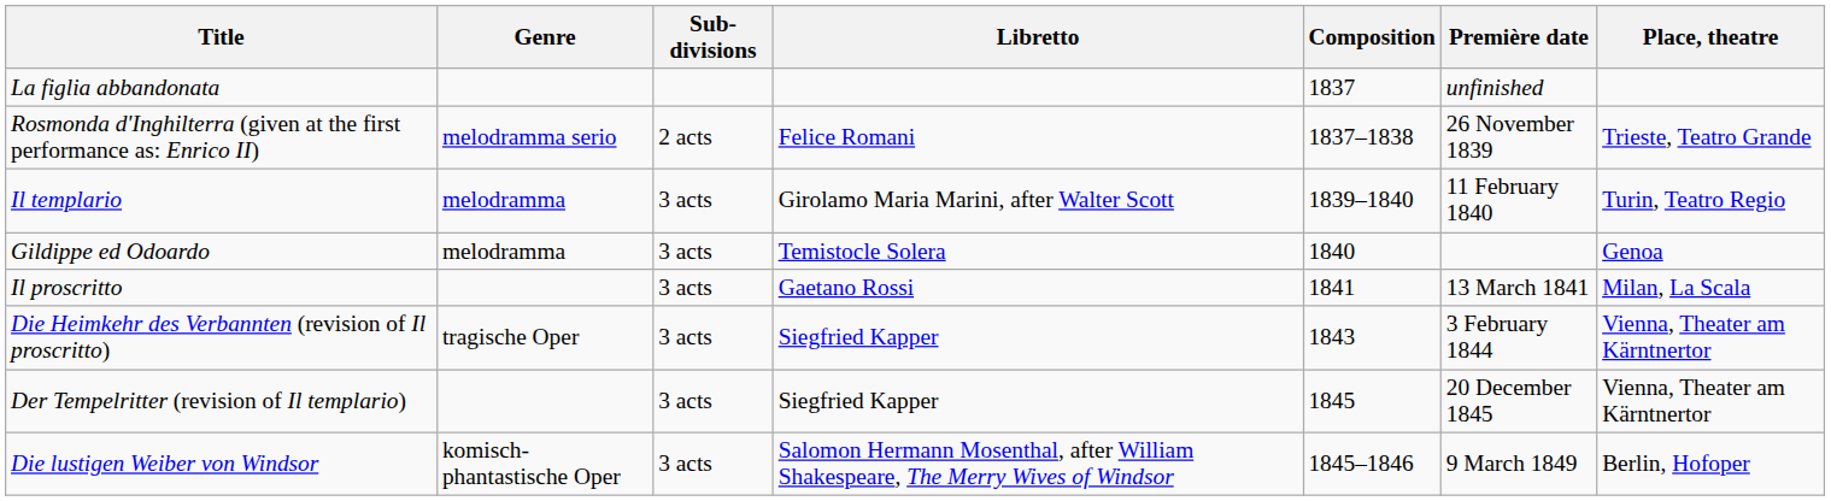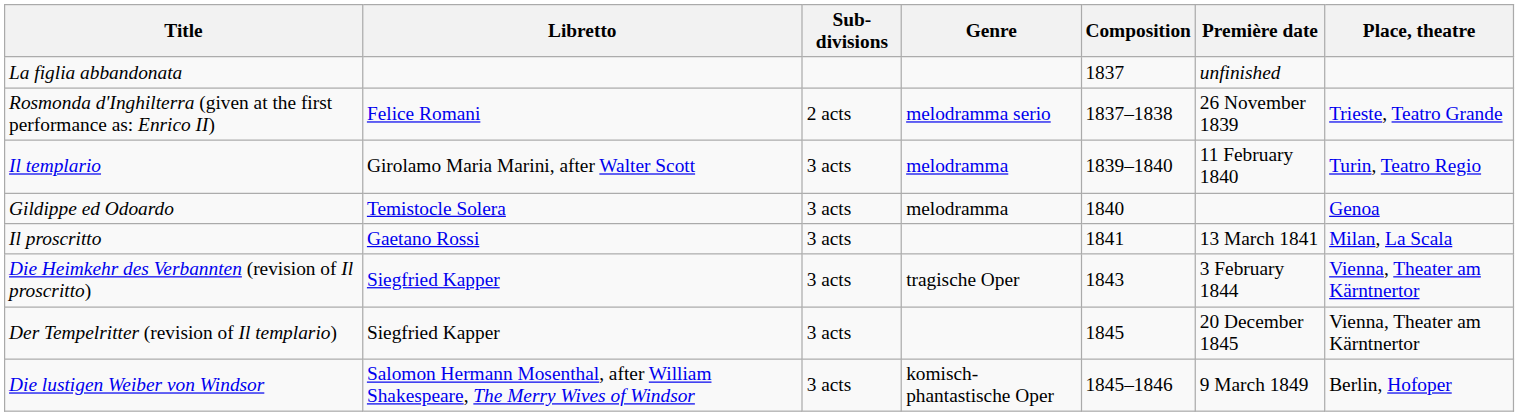 <table class="wikitable sortable">
 <tr>
 <th>Title</th>
+<th>Libretto</th>
+<th>Sub­divisions</th>
 <th>Genre</th>
-<th>Sub­divisions</th>
-<th>Libretto</th>
 <th>Composition</th>
 <th>Première date</th>
 <th>Place, theatre</th>
 </tr>
 <tr>
 <td><em>La figlia abbandonata</em></td>
+<td></td>
 <td> </td>
 <td> </td>
-<td></td>
 <td>1837</td>
 <td><em>unfinished</em></td>
 <td> </td>
 </tr>
 <tr>
 <td><em>Rosmonda d'Inghilterra</em> (given at the first performance as: <em>Enrico II</em>)</td>
+<td><a href='#'>Felice Romani</a></td>
+<td>2 acts</td>
 <td><a href='#'>melodramma serio</a></td>
-<td>2 acts</td>
-<td><a href='#'>Felice Romani</a></td>
 <td>1837–1838</td>
 <td>26 November 1839</td>
 <td><a href='#'>Trieste</a>, <a href='#'>Teatro Grande</a></td>
 </tr>
 <tr>
 <td><em><a href='#'>Il templario</a></em></td>
+<td>Girolamo Maria Marini, after <a href='#'>Walter Scott</a></td>
+<td>3 acts</td>
 <td><a href='#'>melodramma</a></td>
-<td>3 acts</td>
-<td>Girolamo Maria Marini, after <a href='#'>Walter Scott</a></td>
 <td>1839–1840</td>
 <td>11 February 1840</td>
 <td><a href='#'>Turin</a>, <a href='#'>Teatro Regio</a></td>
 </tr>
 <tr>
 <td><em>Gildippe ed Odoardo</em></td>
+<td><a href='#'>Temistocle Solera</a></td>
+<td>3 acts</td>
 <td>melodramma</td>
-<td>3 acts</td>
-<td><a href='#'>Temistocle Solera</a></td>
 <td>1840</td>
 <td></td>
 <td><a href='#'>Genoa</a></td>
 </tr>
 <tr>
 <td><em>Il proscritto</em></td>
+<td><a href='#'>Gaetano Rossi</a></td>
+<td>3 acts</td>
 <td> </td>
-<td>3 acts</td>
-<td><a href='#'>Gaetano Rossi</a></td>
 <td>1841</td>
 <td>13 March 1841</td>
 <td><a href='#'>Milan</a>, <a href='#'>La Scala</a></td>
 </tr>
 <tr>
 <td><em><a href='#'>Die Heimkehr des Verbannten</a></em> (revision of <em>Il proscritto</em>)</td>
+<td><a href='#'>Siegfried Kapper</a></td>
+<td>3 acts</td>
 <td>tragische Oper</td>
-<td>3 acts</td>
-<td><a href='#'>Siegfried Kapper</a></td>
 <td>1843</td>
 <td>3 February 1844</td>
 <td><a href='#'>Vienna</a>, <a href='#'>Theater am Kärntnertor</a></td>
 </tr>
 <tr>
 <td><em>Der Tempelritter</em> (revision of <em>Il templario</em>)</td>
+<td>Siegfried Kapper</td>
+<td>3 acts</td>
 <td> </td>
-<td>3 acts</td>
-<td>Siegfried Kapper</td>
 <td>1845</td>
 <td>20 December 1845</td>
 <td>Vienna, Theater am Kärntnertor</td>
 </tr>
 <tr>
 <td><em><a href='#'>Die lustigen Weiber von Windsor</a></em></td>
+<td><a href='#'>Salomon Hermann Mosenthal</a>, after <a href='#'>William Shakespeare</a>, <em><a href='#'>The Merry Wives of Windsor</a></em></td>
+<td>3 acts</td>
 <td>komisch-phantastische Oper</td>
-<td>3 acts</td>
-<td><a href='#'>Salomon Hermann Mosenthal</a>, after <a href='#'>William Shakespeare</a>, <em><a href='#'>The Merry Wives of Windsor</a></em></td>
 <td>1845–1846</td>
 <td>9 March 1849</td>
 <td>Berlin, <a href='#'>Hofoper</a></td>
 </tr>
 </table>
